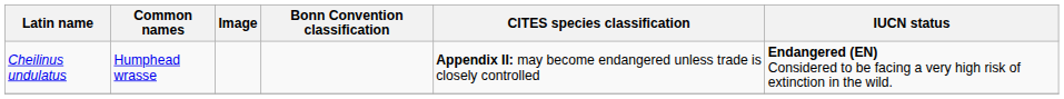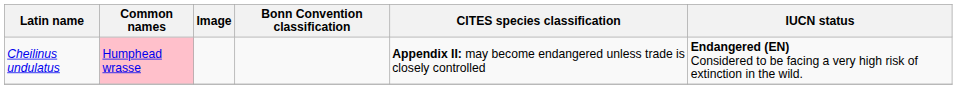 <table class="wikitable">
 <tr>
 <th scope=col>Latin name</th>
 <th scope=col>Common names</th>
 <th scope=col>Image</th>
 <th scope=col>Bonn Convention classification</th>
 <th scope=col>CITES species classification</th>
 <th scope=col>IUCN status</th>
 </tr>
 <tr>
 <td scope="row"><em><a href='#'>Cheilinus undulatus</a></em></td>
-<td><a href='#'>Humphead wrasse</a></td>
+<td style="background: pink;"><a href='#'>Humphead wrasse</a></td>
 <td></td>
 <td></td>
 <td><strong>Appendix II:</strong> may become endangered unless trade is closely controlled</td>
 <td> <strong>Endangered (EN)</strong><br>Considered to be facing a very high risk of extinction in the wild.</td>
 </tr>
 <tr>
 </tr>
 </table>
